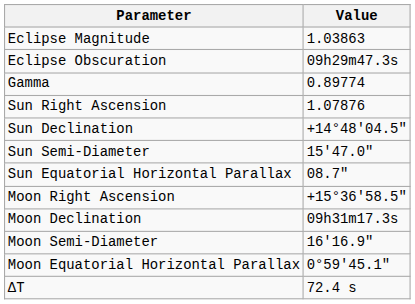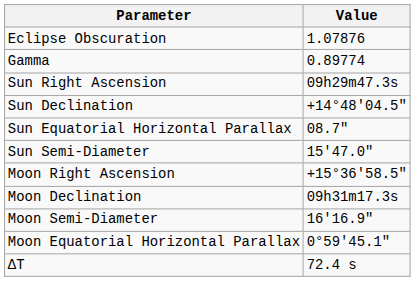 <table class="wikitable">
 <tr>
 <th>Parameter</th>
 <th>Value</th>
 </tr>
 <tr>
-<td>Eclipse Magnitude</td>
-<td>1.03863</td>
-</tr>
-<tr>
 <td>Eclipse Obscuration</td>
-<td>09h29m47.3s</td>
+<td>1.07876</td>
 </tr>
 <tr>
 <td>Gamma</td>
 <td>0.89774</td>
 </tr>
 <tr>
 <td>Sun Right Ascension</td>
-<td>1.07876</td>
+<td>09h29m47.3s</td>
 </tr>
 <tr>
 <td>Sun Declination</td>
 <td>+14°48'04.5"</td>
 </tr>
 <tr>
+<td>Sun Equatorial Horizontal Parallax</td>
+<td>08.7"</td>
+</tr>
+<tr>
 <td>Sun Semi-Diameter</td>
 <td>15'47.0"</td>
-</tr>
-<tr>
-<td>Sun Equatorial Horizontal Parallax</td>
-<td>08.7"</td>
 </tr>
 <tr>
 <td>Moon Right Ascension</td>
 <td>+15°36'58.5"</td>
 </tr>
 <tr>
 <td>Moon Declination</td>
 <td>09h31m17.3s</td>
 </tr>
 <tr>
 <td>Moon Semi-Diameter</td>
 <td>16'16.9"</td>
 </tr>
 <tr>
 <td>Moon Equatorial Horizontal Parallax</td>
 <td>0°59'45.1"</td>
 </tr>
 <tr>
 <td>ΔT</td>
 <td>72.4 s</td>
 </tr>
 </table>
